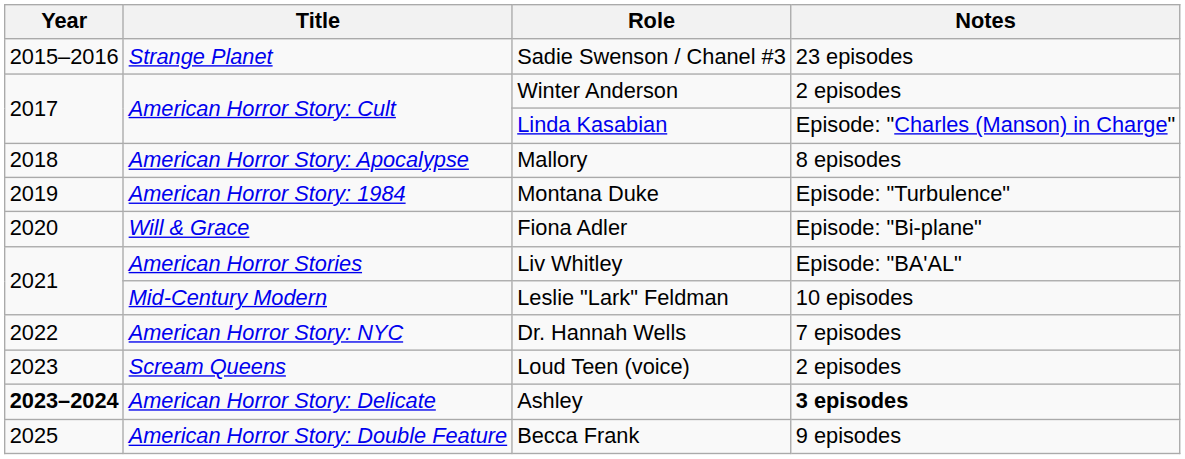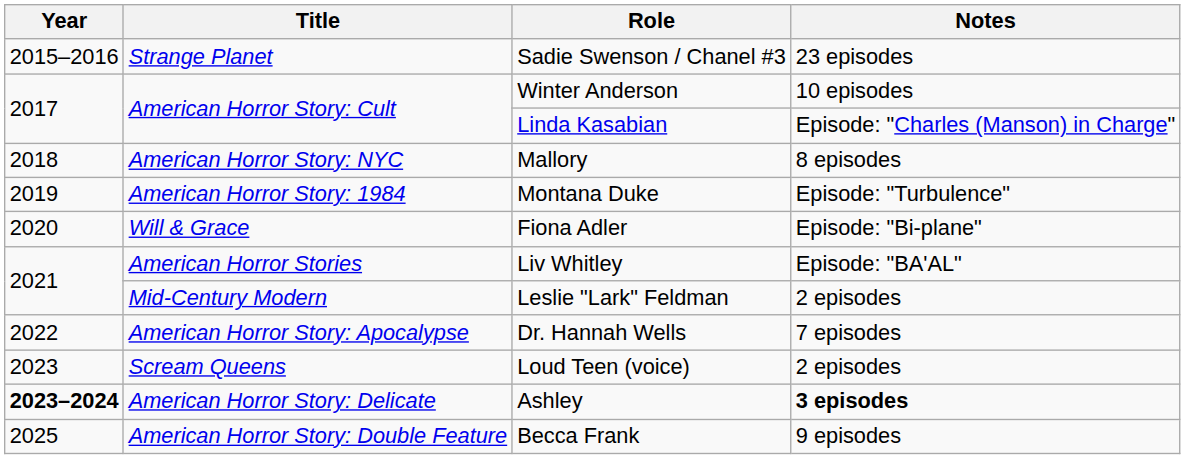 <table class="wikitable plainrowheaders sortable">
 <tr>
 <th scope="col">Year</th>
 <th scope="col">Title</th>
 <th scope="col">Role</th>
 <th scope="col" class="unsortable">Notes</th>
 </tr>
 <tr>
 <td>2015–2016</td>
 <td><em><a href='#'>Strange Planet</a></em></td>
 <td>Sadie Swenson / Chanel #3</td>
 <td>23 episodes</td>
 </tr>
 <tr>
 <td rowspan="2">2017</td>
 <td rowspan="2"><em><a href='#'>American Horror Story: Cult</a></em></td>
 <td>Winter Anderson</td>
-<td>2 episodes</td>
+<td>10 episodes</td>
 </tr>
 <tr>
 <td><a href='#'>Linda Kasabian</a></td>
 <td>Episode: "<a href='#'>Charles (Manson) in Charge</a>"</td>
 </tr>
 <tr>
 <td>2018</td>
-<td><em><a href='#'>American Horror Story: Apocalypse</a></em></td>
+<td><em><a href='#'>American Horror Story: NYC</a></em></td>
 <td>Mallory</td>
 <td>8 episodes</td>
 </tr>
 <tr>
 <td>2019</td>
 <td><em><a href='#'>American Horror Story: 1984</a></em></td>
 <td>Montana Duke</td>
 <td>Episode: "Turbulence"</td>
 </tr>
 <tr>
 <td>2020</td>
 <td><em><a href='#'>Will & Grace</a></em></td>
 <td>Fiona Adler</td>
 <td>Episode: "Bi-plane"</td>
 </tr>
 <tr>
 <td rowspan="2">2021</td>
 <td><em><a href='#'>American Horror Stories</a></em></td>
 <td>Liv Whitley</td>
 <td>Episode: "BA'AL"</td>
 </tr>
 <tr>
 <td><em><a href='#'>Mid-Century Modern</a></em></td>
 <td>Leslie "Lark" Feldman</td>
-<td>10 episodes</td>
+<td>2 episodes</td>
 </tr>
 <tr>
 <td>2022</td>
-<td><em><a href='#'>American Horror Story: NYC</a></em></td>
+<td><em><a href='#'>American Horror Story: Apocalypse</a></em></td>
 <td>Dr. Hannah Wells</td>
 <td>7 episodes</td>
 </tr>
 <tr>
 <td>2023</td>
 <td><em><a href='#'>Scream Queens</a></em></td>
 <td>Loud Teen (voice)</td>
 <td>2 episodes</td>
 </tr>
 <tr>
 <td><strong>2023–2024</strong></td>
 <td><em><a href='#'>American Horror Story: Delicate</a></em></td>
 <td>Ashley</td>
 <td><strong>3 episodes</strong></td>
 </tr>
 <tr>
 <td>2025</td>
 <td><em><a href='#'>American Horror Story: Double Feature</a></em></td>
 <td>Becca Frank</td>
 <td>9 episodes</td>
 </tr>
 </table>
